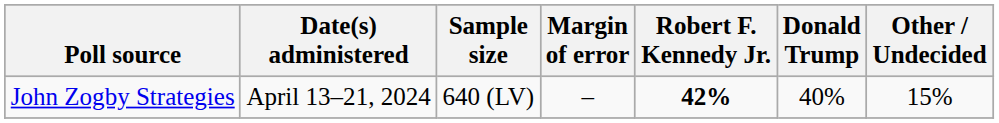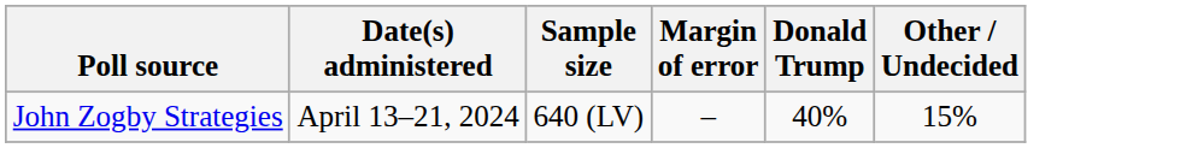 <table class="wikitable sortable mw-datatable" style="font-size:90%;text-align:center;line-height:17px">
 <tr valign=bottom>
 <th>Poll source</th>
 <th>Date(s)<br>administered</th>
 <th>Sample<br>size</th>
 <th>Margin<br>of error</th>
-<th class="unsortable">Robert F.<br>Kennedy Jr.<br></th>
 <th class="unsortable">Donald<br>Trump<br></th>
 <th class="unsortable">Other /<br>Undecided</th>
 </tr>
 <tr>
 <td style="text-align:left;"><a href='#'>John Zogby Strategies</a></td>
 <td data-sort-value="2024-05-01">April 13–21, 2024</td>
 <td>640 (LV)</td>
 <td>–</td>
-<td style="background-color:"><strong>42%</strong></td>
 <td>40%</td>
 <td>15%</td>
 </tr>
 </table>
